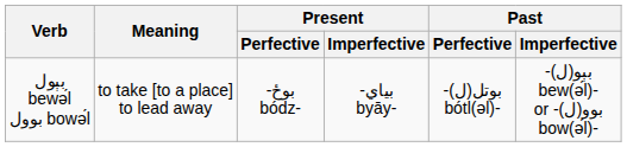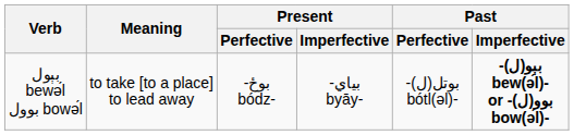 <table class="wikitable" style="text-align: center">
 <tr>
 <th rowspan="2">Verb</th>
 <th rowspan="2">Meaning</th>
 <th colspan="2">Present</th>
 <th colspan="2">Past</th>
 </tr>
 <tr>
 <th>Perfective</th>
 <th>Imperfective</th>
 <th>Perfective</th>
 <th>Imperfective</th>
 </tr>
 <tr>
 <td>بېول<br> bewә́l<br>بوول bowә́l</td>
 <td>to take [to a place]<br>to lead away</td>
 <td>-بوځ<br> bódz-</td>
 <td>-بياي<br> byāy-</td>
 <td>-(بوتل(ل <br>bótl(əl)-</td>
-<td>-(بېو(ل<br>bew(ә́l)-<br>or -(بوو(ل<br>bow(ә́l)-</td>
+<td><strong>-(بېو(ل<br>bew(ә́l)-<br>or -(بوو(ل<br>bow(ә́l)-</strong></td>
 </tr>
 </table>
